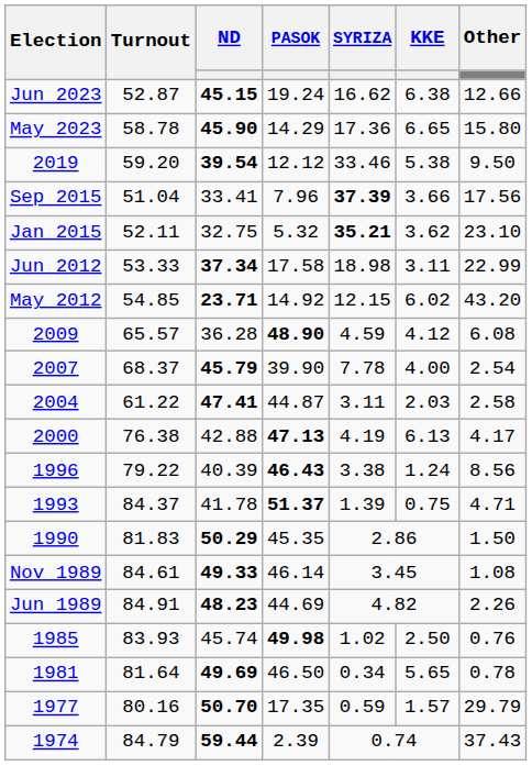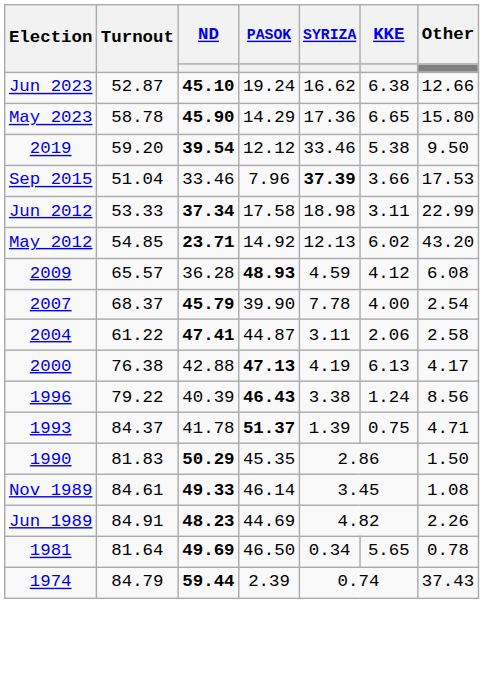 <table class="wikitable collapsible" style="text-align:center; font-size:95%; line-height:16px;">
 <tr style="height:42px;">
 <th rowspan="2">Election</th>
 <th rowspan="2" style="width:50px;">Turnout</th>
 <th style="width:35px;"><a href='#'>ND</a></th>
 <th style="width:35px; font-size:85%;"><a href='#'>PASOK</a></th>
 <th style="width:35px; font-size:85%;"><a href='#'>SYRIZA</a></th>
 <th style="width:35px;"><a href='#'>KKE</a></th>
 <th style="width:35px;">Other</th>
 </tr>
 <tr>
 <th style="color:inherit;background:"></th>
 <th style="color:inherit;background:"></th>
 <th style="color:inherit;background:"></th>
 <th style="color:inherit;background:"></th>
 <th style="color:inherit;background:Grey;"></th>
 </tr>
 <tr>
 <td><a href='#'>Jun 2023</a></td>
 <td>52.87</td>
-<td><strong>45.15</strong></td>
+<td><strong>45.10</strong></td>
 <td>19.24</td>
 <td>16.62</td>
 <td>6.38</td>
 <td>12.66</td>
 </tr>
 <tr>
 <td><a href='#'>May 2023</a></td>
 <td>58.78</td>
 <td><strong>45.90</strong></td>
 <td>14.29</td>
 <td>17.36</td>
 <td>6.65</td>
 <td>15.80</td>
 </tr>
 <tr>
 <td><a href='#'>2019</a></td>
 <td>59.20</td>
 <td><strong>39.54</strong></td>
 <td>12.12</td>
 <td>33.46</td>
 <td>5.38</td>
 <td>9.50</td>
 </tr>
 <tr>
 <td><a href='#'>Sep 2015</a></td>
 <td>51.04</td>
-<td>33.41</td>
+<td>33.46</td>
 <td>7.96</td>
 <td><strong>37.39</strong></td>
 <td>3.66</td>
-<td>17.56</td>
-</tr>
-<tr>
-<td><a href='#'>Jan 2015</a></td>
-<td>52.11</td>
-<td>32.75</td>
-<td>5.32</td>
-<td><strong>35.21</strong></td>
-<td>3.62</td>
-<td>23.10</td>
+<td>17.53</td>
 </tr>
 <tr>
 <td><a href='#'>Jun 2012</a></td>
 <td>53.33</td>
 <td><strong>37.34</strong></td>
 <td>17.58</td>
 <td>18.98</td>
 <td>3.11</td>
 <td>22.99</td>
 </tr>
 <tr>
 <td><a href='#'>May 2012</a></td>
 <td>54.85</td>
 <td><strong>23.71</strong></td>
 <td>14.92</td>
-<td>12.15</td>
+<td>12.13</td>
 <td>6.02</td>
 <td>43.20</td>
 </tr>
 <tr>
 <td><a href='#'>2009</a></td>
 <td>65.57</td>
 <td>36.28</td>
-<td><strong>48.90</strong></td>
+<td><strong>48.93</strong></td>
 <td>4.59</td>
 <td>4.12</td>
 <td>6.08</td>
 </tr>
 <tr>
 <td><a href='#'>2007</a></td>
 <td>68.37</td>
 <td><strong>45.79</strong></td>
 <td>39.90</td>
 <td>7.78</td>
 <td>4.00</td>
 <td>2.54</td>
 </tr>
 <tr>
 <td><a href='#'>2004</a></td>
 <td>61.22</td>
 <td><strong>47.41</strong></td>
 <td>44.87</td>
 <td>3.11</td>
-<td>2.03</td>
+<td>2.06</td>
 <td>2.58</td>
 </tr>
 <tr>
 <td><a href='#'>2000</a></td>
 <td>76.38</td>
 <td>42.88</td>
 <td><strong>47.13</strong></td>
 <td>4.19</td>
 <td>6.13</td>
 <td>4.17</td>
 </tr>
 <tr>
 <td><a href='#'>1996</a></td>
 <td>79.22</td>
 <td>40.39</td>
 <td><strong>46.43</strong></td>
 <td>3.38</td>
 <td>1.24</td>
 <td>8.56</td>
 </tr>
 <tr>
 <td><a href='#'>1993</a></td>
 <td>84.37</td>
 <td>41.78</td>
 <td><strong>51.37</strong></td>
 <td>1.39</td>
 <td>0.75</td>
 <td>4.71</td>
 </tr>
 <tr>
 <td><a href='#'>1990</a></td>
 <td>81.83</td>
 <td><strong>50.29</strong></td>
 <td>45.35</td>
 <td colspan="2">2.86</td>
 <td>1.50</td>
 </tr>
 <tr>
 <td><a href='#'>Nov 1989</a></td>
 <td>84.61</td>
 <td><strong>49.33</strong></td>
 <td>46.14</td>
 <td colspan="2">3.45</td>
 <td>1.08</td>
 </tr>
 <tr>
 <td><a href='#'>Jun 1989</a></td>
 <td>84.91</td>
 <td><strong>48.23</strong></td>
 <td>44.69</td>
 <td colspan="2">4.82</td>
 <td>2.26</td>
 </tr>
 <tr>
-<td><a href='#'>1985</a></td>
-<td>83.93</td>
-<td>45.74</td>
-<td><strong>49.98</strong></td>
-<td>1.02</td>
-<td>2.50</td>
-<td>0.76</td>
-</tr>
-<tr>
 <td><a href='#'>1981</a></td>
 <td>81.64</td>
 <td><strong>49.69</strong></td>
 <td>46.50</td>
 <td>0.34</td>
 <td>5.65</td>
 <td>0.78</td>
-</tr>
-<tr>
-<td><a href='#'>1977</a></td>
-<td>80.16</td>
-<td><strong>50.70</strong></td>
-<td>17.35</td>
-<td>0.59</td>
-<td>1.57</td>
-<td>29.79</td>
 </tr>
 <tr>
 <td><a href='#'>1974</a></td>
 <td>84.79</td>
 <td><strong>59.44</strong></td>
 <td>2.39</td>
 <td colspan="2">0.74</td>
 <td>37.43</td>
 </tr>
 </table>
